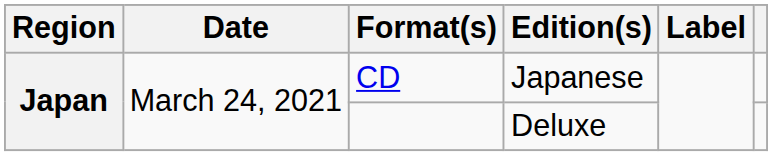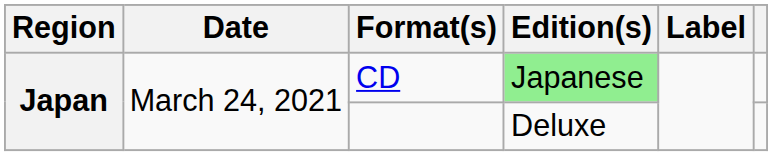 <table class="wikitable plainrowheaders">
 <tr>
 <th scope="col">Region</th>
 <th scope="col">Date</th>
 <th scope="col">Format(s)</th>
 <th scope="col">Edition(s)</th>
 <th scope="col">Label</th>
 <th scope="col"></th>
 </tr>
 <tr>
 <th rowspan="2" scope="row">Japan</th>
 <td rowspan="2">March 24, 2021</td>
 <td><a href='#'>CD</a></td>
-<td>Japanese</td>
+<td style="background: lightgreen;">Japanese</td>
 <td rowspan="2"></td>
 <td style="text-align:center;"></td>
 </tr>
 <tr>
 <td></td>
 <td>Deluxe</td>
 <td style="text-align:center;"></td>
 </tr>
 </table>
